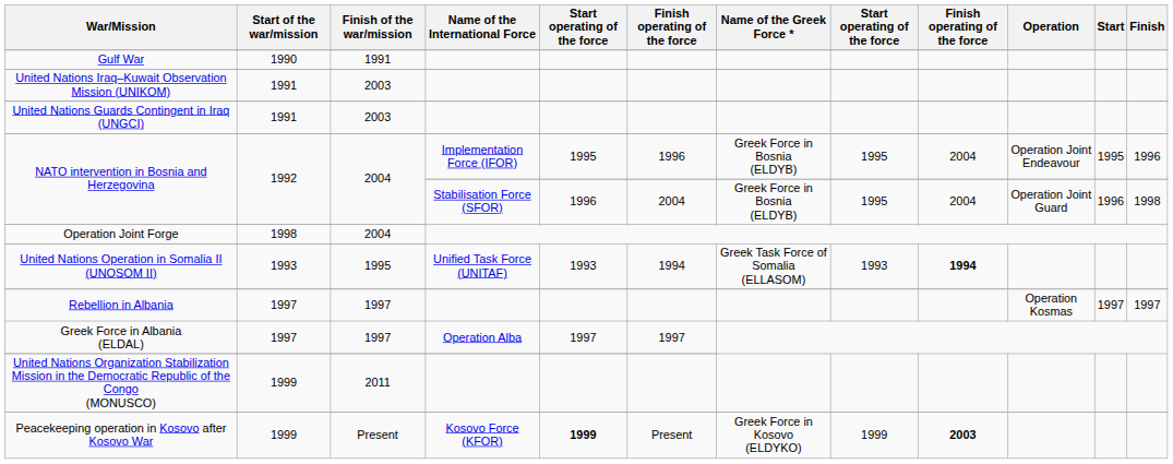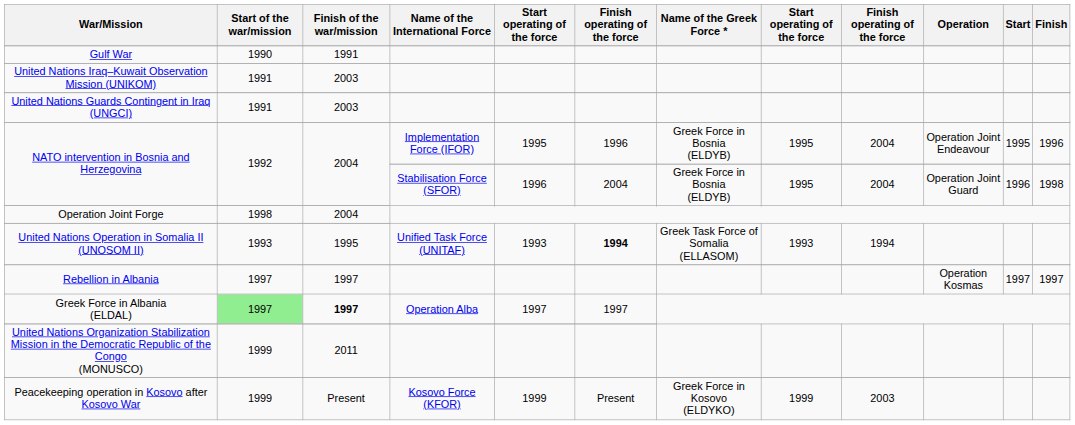 <table class="wikitable" style="text-align:center">
 <tr>
 <th class="unsortable" width="20%">War/Mission</th>
 <th>Start of the war/mission</th>
 <th>Finish of the war/mission</th>
 <th class="unsortable">Name of the International Force</th>
 <th>Start operating of the force</th>
 <th>Finish operating of the force</th>
 <th class="unsortable">Name of the Greek Force <span> * </span></th>
 <th>Start operating of the force</th>
 <th>Finish operating of the force</th>
 <th>Operation</th>
 <th>Start</th>
 <th>Finish</th>
 </tr>
 <tr>
 </tr>
 <tr>
 <td><a href='#'>Gulf War</a></td>
 <td>1990</td>
 <td>1991</td>
 <td></td>
 <td></td>
 <td></td>
 <td></td>
 <td></td>
 <td></td>
 <td></td>
 <td></td>
 <td></td>
 </tr>
 <tr>
 </tr>
 <tr>
 <td><a href='#'>United Nations Iraq–Kuwait Observation Mission (UNIKOM)</a></td>
 <td>1991</td>
 <td>2003</td>
 <td></td>
 <td></td>
 <td></td>
 <td></td>
 <td></td>
 <td></td>
 <td></td>
 <td></td>
 <td></td>
 </tr>
 <tr>
 </tr>
 <tr>
 <td><a href='#'>United Nations Guards Contingent in Iraq (UNGCI)</a></td>
 <td>1991</td>
 <td>2003</td>
 <td></td>
 <td></td>
 <td></td>
 <td></td>
 <td></td>
 <td></td>
 <td></td>
 <td></td>
 <td></td>
 </tr>
 <tr>
 </tr>
 <tr>
 <td rowspan=3><a href='#'>NATO intervention in Bosnia and Herzegovina</a></td>
 <td rowspan=3>1992</td>
 <td rowspan=3>2004</td>
 <td><a href='#'>Implementation Force (IFOR)</a></td>
 <td>1995</td>
 <td>1996</td>
 <td>Greek Force in Bosnia <br> (ELDYB)</td>
 <td>1995</td>
 <td>2004</td>
 <td>Operation Joint Endeavour</td>
 <td>1995</td>
 <td>1996</td>
 </tr>
 <tr>
 </tr>
 <tr>
 <td rowspan=2><a href='#'>Stabilisation Force (SFOR)</a></td>
 <td rowspan=2>1996</td>
 <td rowspan=2>2004</td>
 <td rowspan=2>Greek Force in Bosnia <br> (ELDYB)</td>
 <td rowspan=2>1995</td>
 <td rowspan=2>2004</td>
 <td>Operation Joint Guard</td>
 <td>1996</td>
 <td>1998</td>
 </tr>
 <tr>
 </tr>
 <tr>
 <td>Operation Joint Forge</td>
 <td>1998</td>
 <td>2004</td>
 </tr>
 <tr>
 </tr>
 <tr>
 <td><a href='#'>United Nations Operation in Somalia II (UNOSOM II)</a></td>
 <td>1993</td>
 <td>1995</td>
 <td><a href='#'>Unified Task Force (UNITAF)</a></td>
 <td>1993</td>
-<td>1994</td>
+<td><strong>1994</strong></td>
 <td>Greek Task Force of Somalia (ELLASOM)</td>
 <td>1993</td>
-<td><strong>1994</strong></td>
+<td>1994</td>
 <td></td>
 <td></td>
 <td></td>
 </tr>
 <tr>
 </tr>
 <tr>
 <td rowspan=2><a href='#'>Rebellion in Albania</a></td>
 <td rowspan=2>1997</td>
 <td rowspan=2>1997</td>
 <td rowspan=2></td>
 <td rowspan=2></td>
 <td rowspan=2></td>
 <td></td>
 <td></td>
 <td></td>
 <td>Operation Kosmas</td>
 <td>1997</td>
 <td>1997</td>
 </tr>
 <tr>
 </tr>
 <tr>
 <td>Greek Force in Albania <br>(ELDAL)</td>
-<td>1997</td>
-<td>1997</td>
+<td style="background: lightgreen;">1997</td>
+<td><strong>1997</strong></td>
 <td><a href='#'>Operation Alba</a></td>
 <td>1997</td>
 <td>1997</td>
 </tr>
 <tr>
 </tr>
 <tr>
 <td><a href='#'>United Nations Organization Stabilization Mission in the Democratic Republic of the Congo</a> <br> (MONUSCO)</td>
 <td>1999</td>
 <td>2011</td>
 <td></td>
 <td></td>
 <td></td>
 <td></td>
 <td></td>
 <td></td>
 <td></td>
 <td></td>
 <td></td>
 </tr>
 <tr>
 </tr>
 <tr>
 <td>Peacekeeping operation in <a href='#'>Kosovo</a> after <a href='#'>Kosovo War</a></td>
 <td>1999</td>
 <td>Present</td>
 <td><a href='#'>Kosovo Force <br> (KFOR)</a></td>
-<td><strong>1999</strong></td>
+<td>1999</td>
 <td>Present</td>
 <td>Greek Force in Kosovo <br> (ELDYKO)</td>
 <td>1999</td>
-<td><strong>2003</strong></td>
+<td>2003</td>
 <td></td>
 <td></td>
 <td></td>
 </tr>
 </table>
